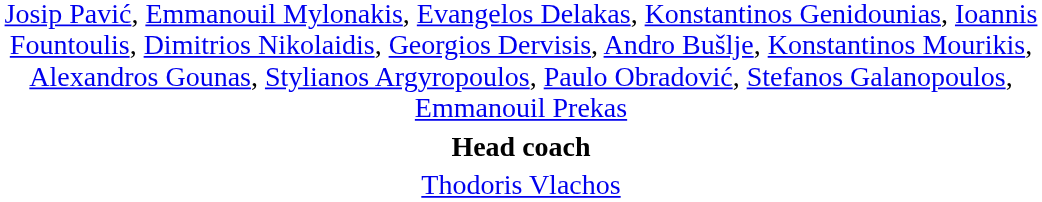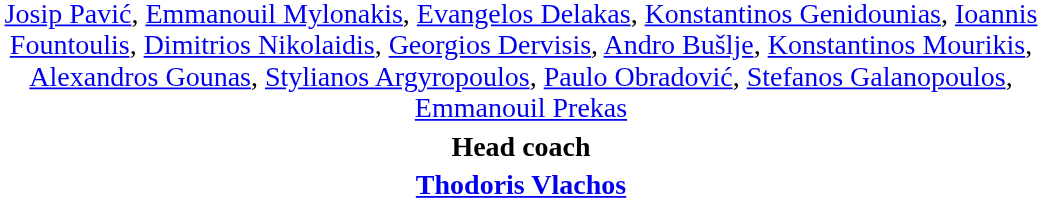 <table style="text-align: center; margin-top: 2em; margin-left: auto; margin-right: auto">
 <tr>
 <td><a href='#'>Josip Pavić</a>, <a href='#'>Emmanouil Mylonakis</a>, <a href='#'>Evangelos Delakas</a>, <a href='#'>Konstantinos Genidounias</a>, <a href='#'>Ioannis Fountoulis</a>, <a href='#'>Dimitrios Nikolaidis</a>, <a href='#'>Georgios Dervisis</a>, <a href='#'>Andro Bušlje</a>, <a href='#'>Konstantinos Mourikis</a>, <a href='#'>Alexandros Gounas</a>, <a href='#'>Stylianos Argyropoulos</a>, <a href='#'>Paulo Obradović</a>, <a href='#'>Stefanos Galanopoulos</a>, <a href='#'>Emmanouil Prekas</a></td>
 </tr>
 <tr>
 <td><strong>Head coach</strong></td>
 </tr>
 <tr>
-<td><a href='#'>Thodoris Vlachos</a></td>
+<td><strong><a href='#'>Thodoris Vlachos</a></strong></td>
 </tr>
 </table>
